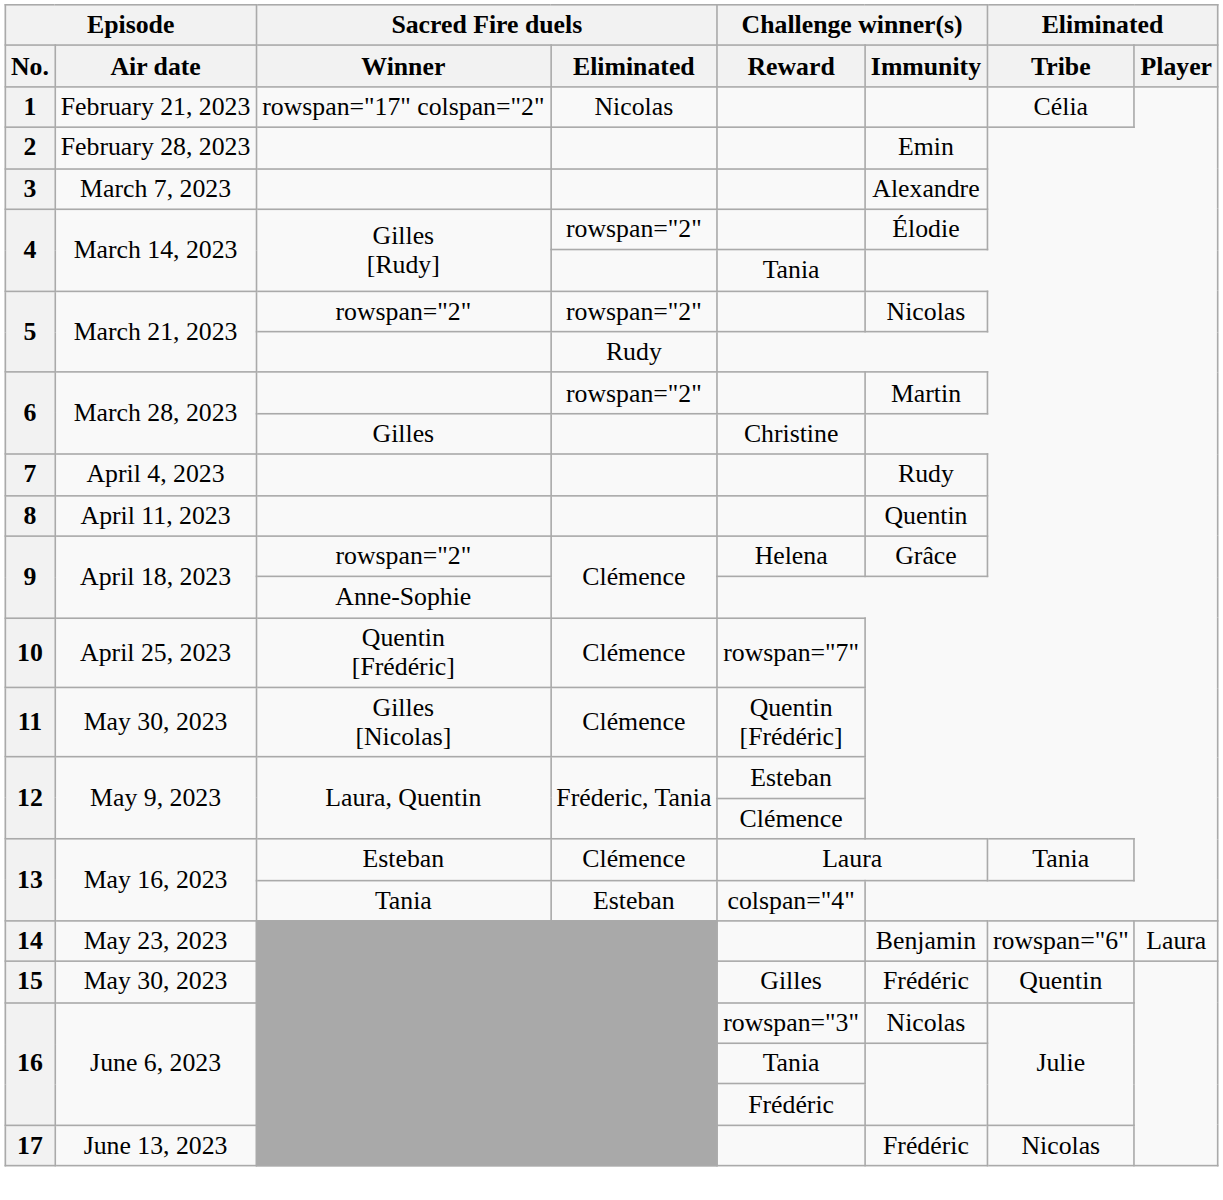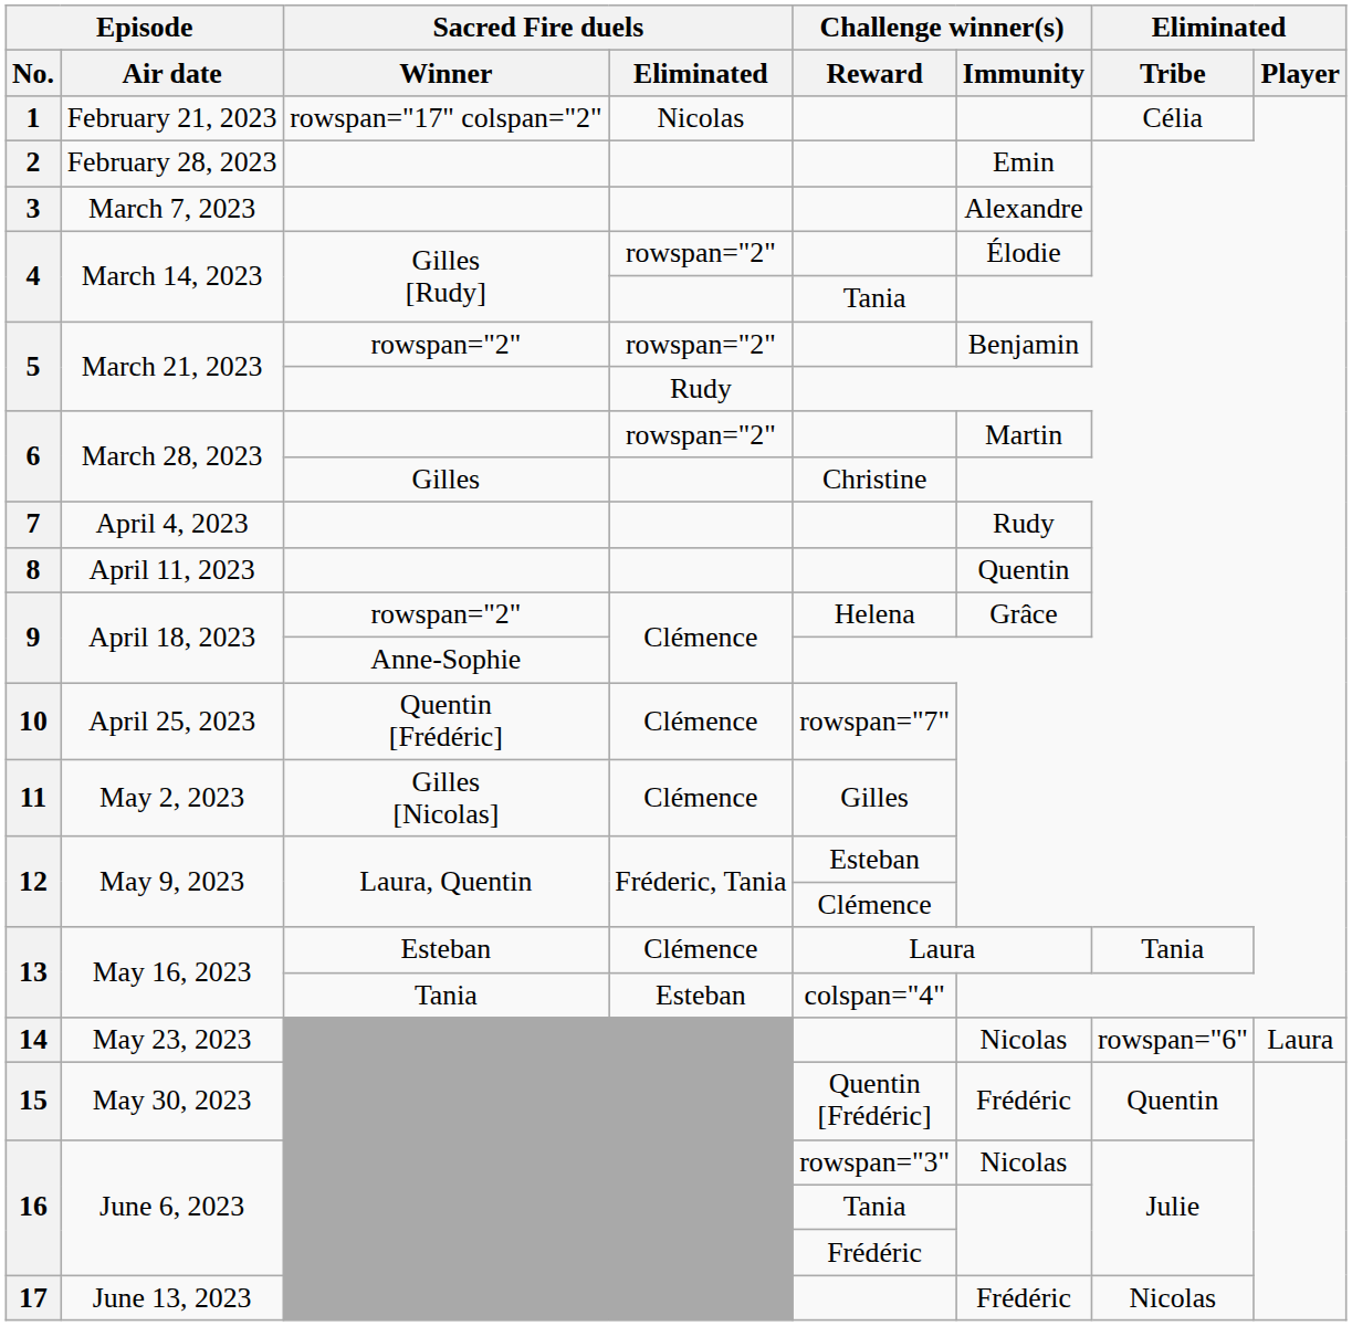 <table class="wikitable" style="margin:auto; text-align:center">
 <tr>
 <th colspan="2">Episode</th>
 <th colspan="2">Sacred Fire duels</th>
 <th colspan="2">Challenge winner(s)</th>
 <th colspan="2">Eliminated</th>
 </tr>
 <tr>
 <th>No.</th>
 <th>Air date</th>
 <th>Winner</th>
 <th>Eliminated</th>
 <th>Reward</th>
 <th>Immunity</th>
 <th>Tribe</th>
 <th>Player</th>
 </tr>
 <tr>
 <th>1</th>
 <td>February 21, 2023</td>
 <td>rowspan="17" colspan="2" </td>
 <td>Nicolas</td>
 <td></td>
 <td></td>
 <td>Célia</td>
 </tr>
 <tr>
 <th>2</th>
 <td>February 28, 2023</td>
 <td></td>
 <td></td>
 <td></td>
 <td>Emin</td>
 </tr>
 <tr>
 <th>3</th>
 <td>March 7, 2023</td>
 <td></td>
 <td></td>
 <td></td>
 <td>Alexandre</td>
 </tr>
 <tr>
 <th rowspan="2">4</th>
 <td rowspan="2">March 14, 2023</td>
 <td rowspan="2">Gilles<br>[Rudy]</td>
 <td>rowspan="2" </td>
 <td></td>
 <td>Élodie</td>
 </tr>
 <tr>
 <td></td>
 <td>Tania</td>
 </tr>
 <tr>
 <th rowspan="2">5</th>
 <td rowspan="2">March 21, 2023</td>
 <td>rowspan="2" </td>
 <td>rowspan="2" </td>
 <td></td>
-<td>Nicolas</td>
+<td>Benjamin</td>
 </tr>
 <tr>
 <td></td>
 <td>Rudy</td>
 </tr>
 <tr>
 <th rowspan="2">6</th>
 <td rowspan="2">March 28, 2023</td>
 <td></td>
 <td>rowspan="2" </td>
 <td></td>
 <td>Martin</td>
 </tr>
 <tr>
 <td>Gilles</td>
 <td></td>
 <td>Christine</td>
 </tr>
 <tr>
 <th>7</th>
 <td>April 4, 2023</td>
 <td></td>
 <td></td>
 <td></td>
 <td>Rudy</td>
 </tr>
 <tr>
 <th>8</th>
 <td>April 11, 2023</td>
 <td></td>
 <td></td>
 <td></td>
 <td>Quentin</td>
 </tr>
 <tr>
 <th rowspan="2">9</th>
 <td rowspan="2">April 18, 2023</td>
 <td>rowspan="2" </td>
 <td rowspan="2">Clémence</td>
 <td>Helena</td>
 <td>Grâce</td>
 </tr>
 <tr>
 <td>Anne-Sophie</td>
 </tr>
 <tr>
 <th>10</th>
 <td>April 25, 2023</td>
 <td>Quentin<br>[Frédéric]</td>
 <td>Clémence</td>
 <td>rowspan="7" </td>
 </tr>
 <tr>
 <th>11</th>
-<td>May 30, 2023</td>
+<td>May 2, 2023</td>
 <td>Gilles<br>[Nicolas]</td>
 <td>Clémence</td>
-<td>Quentin<br>[Frédéric]</td>
+<td>Gilles</td>
 </tr>
 <tr>
 <th rowspan="2">12</th>
 <td rowspan="2">May 9, 2023</td>
 <td rowspan="2">Laura, Quentin</td>
 <td rowspan="2">Fréderic, Tania</td>
 <td>Esteban</td>
 </tr>
 <tr>
 <td>Clémence</td>
 </tr>
 <tr>
 <th rowspan="2">13</th>
 <td rowspan="2">May 16, 2023</td>
 <td>Esteban</td>
 <td>Clémence</td>
 <td colspan="2">Laura</td>
 <td>Tania</td>
 </tr>
 <tr>
 <td>Tania</td>
 <td>Esteban</td>
 <td>colspan="4" </td>
 </tr>
 <tr>
 <th>14</th>
 <td>May 23, 2023</td>
 <td rowspan="6" colspan="2" style="background:darkgray; border:none;"></td>
 <td></td>
-<td>Benjamin</td>
+<td>Nicolas</td>
 <td>rowspan="6" </td>
 <td>Laura</td>
 </tr>
 <tr>
 <th>15</th>
 <td>May 30, 2023</td>
-<td>Gilles</td>
+<td>Quentin<br>[Frédéric]</td>
 <td>Frédéric</td>
 <td>Quentin</td>
 </tr>
 <tr>
 <th rowspan="3">16</th>
 <td rowspan="3">June 6, 2023</td>
 <td>rowspan="3" </td>
 <td>Nicolas</td>
 <td rowspan="3">Julie</td>
 </tr>
 <tr>
 <td>Tania</td>
 </tr>
 <tr>
 <td>Frédéric</td>
 </tr>
 <tr>
 <th>17</th>
 <td>June 13, 2023</td>
 <td></td>
 <td>Frédéric</td>
 <td>Nicolas</td>
 </tr>
 </table>
